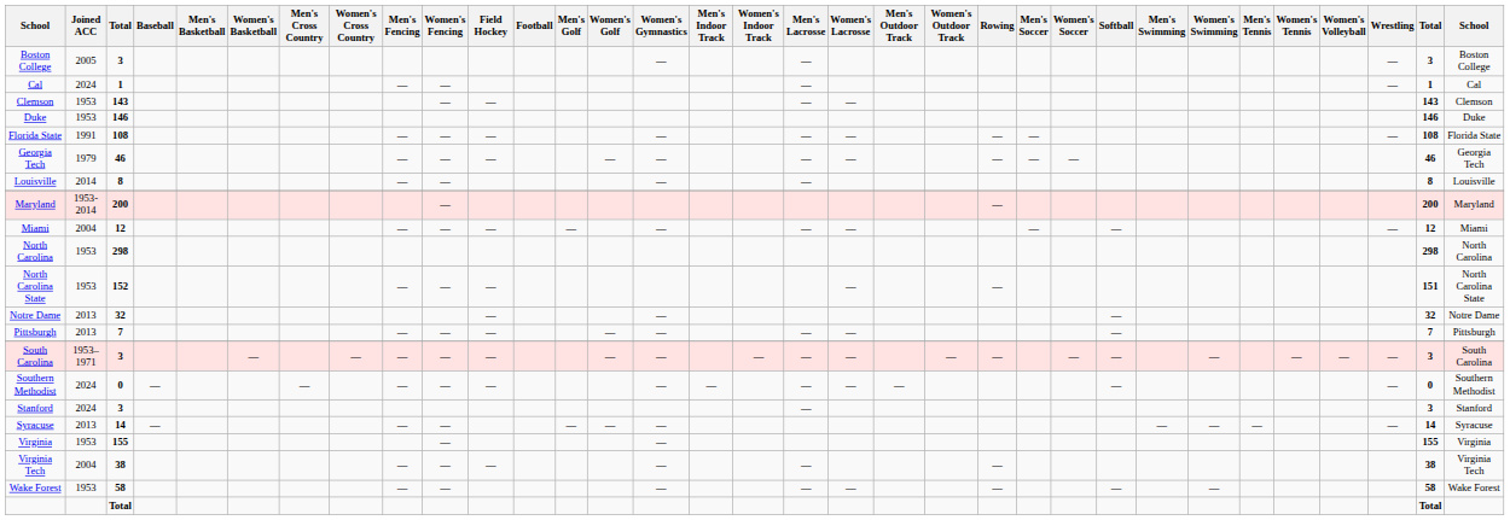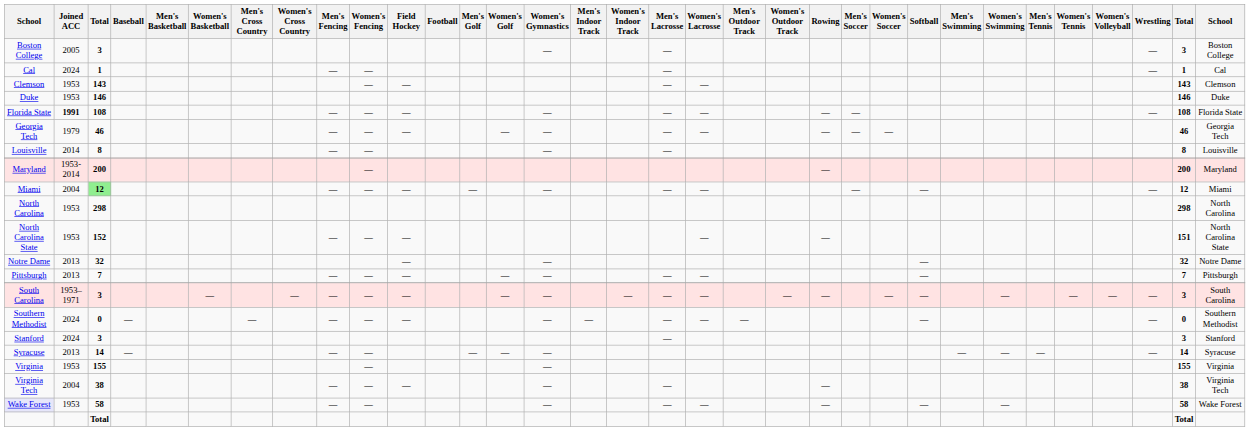 <table class="wikitable sortable sort-under-center" style="text-align: center; font-size:85%;">
 <tr>
 <th>School</th>
 <th>Joined ACC</th>
 <th>Total</th>
 <th>Baseball</th>
 <th>Men's<br>Basketball</th>
 <th>Women's<br>Basketball</th>
 <th>Men's<br>Cross Country</th>
 <th>Women's<br>Cross Country</th>
 <th>Men's<br>Fencing</th>
 <th>Women's<br>Fencing</th>
 <th>Field Hockey</th>
 <th>Football</th>
 <th>Men's<br>Golf</th>
 <th>Women's<br>Golf</th>
 <th>Women's<br>Gymnastics</th>
 <th>Men's<br>Indoor Track</th>
 <th>Women's<br>Indoor Track</th>
 <th>Men's<br>Lacrosse</th>
 <th>Women's<br>Lacrosse</th>
 <th>Men's<br>Outdoor Track</th>
 <th>Women's<br>Outdoor Track</th>
 <th>Rowing</th>
 <th>Men's<br>Soccer</th>
 <th>Women's<br>Soccer</th>
 <th>Softball</th>
 <th>Men's<br>Swimming</th>
 <th>Women's<br>Swimming</th>
 <th>Men's<br>Tennis</th>
 <th>Women's<br>Tennis</th>
 <th>Women's<br>Volleyball</th>
 <th>Wrestling</th>
 <th>Total</th>
 <th>School</th>
 </tr>
 <tr>
 <td><a href='#'>Boston College</a></td>
 <td>2005</td>
 <td> <strong>3</strong></td>
 <td> </td>
 <td> </td>
 <td> </td>
 <td> </td>
 <td> </td>
 <td> </td>
 <td> </td>
 <td> </td>
 <td> </td>
 <td> </td>
 <td> </td>
 <td> —</td>
 <td> </td>
 <td> </td>
 <td> —</td>
 <td> </td>
 <td> </td>
 <td> </td>
 <td> </td>
 <td> </td>
 <td> </td>
 <td> </td>
 <td> </td>
 <td> </td>
 <td> </td>
 <td> </td>
 <td> </td>
 <td> —</td>
 <td> <strong>3</strong></td>
 <td>Boston College</td>
 </tr>
 <tr>
 <td><a href='#'>Cal</a></td>
 <td>2024</td>
 <td> <strong>1</strong></td>
 <td> </td>
 <td> </td>
 <td> </td>
 <td> </td>
 <td> </td>
 <td> —</td>
 <td> —</td>
 <td> </td>
 <td> </td>
 <td> </td>
 <td> </td>
 <td> </td>
 <td> </td>
 <td> </td>
 <td> —</td>
 <td> </td>
 <td> </td>
 <td> </td>
 <td> </td>
 <td> </td>
 <td> </td>
 <td> </td>
 <td> </td>
 <td> </td>
 <td> </td>
 <td> </td>
 <td> </td>
 <td> —</td>
 <td> <strong>1</strong></td>
 <td>Cal</td>
 </tr>
 <tr>
 <td><a href='#'>Clemson</a></td>
 <td>1953</td>
 <td> <strong>143</strong></td>
 <td> </td>
 <td> </td>
 <td> </td>
 <td> </td>
 <td> </td>
 <td> </td>
 <td> —</td>
 <td> —</td>
 <td> </td>
 <td> </td>
 <td> </td>
 <td> </td>
 <td> </td>
 <td> </td>
 <td> —</td>
 <td> —</td>
 <td> </td>
 <td> </td>
 <td> </td>
 <td> </td>
 <td> </td>
 <td> </td>
 <td> </td>
 <td> </td>
 <td> </td>
 <td> </td>
 <td> </td>
 <td> </td>
 <td> <strong>143</strong></td>
 <td>Clemson</td>
 </tr>
 <tr>
 <td><a href='#'>Duke</a></td>
 <td>1953</td>
 <td> <strong>146</strong></td>
 <td> </td>
 <td> </td>
 <td> </td>
 <td> </td>
 <td> </td>
 <td> </td>
 <td> </td>
 <td> </td>
 <td> </td>
 <td> </td>
 <td> </td>
 <td> </td>
 <td> </td>
 <td> </td>
 <td> </td>
 <td> </td>
 <td> </td>
 <td> </td>
 <td> </td>
 <td> </td>
 <td> </td>
 <td> </td>
 <td> </td>
 <td> </td>
 <td> </td>
 <td> </td>
 <td> </td>
 <td> </td>
 <td> <strong>146</strong></td>
 <td>Duke</td>
 </tr>
 <tr>
 <td><a href='#'>Florida State</a></td>
-<td>1991</td>
+<td><strong>1991</strong></td>
 <td> <strong>108</strong></td>
 <td> </td>
 <td> </td>
 <td> </td>
 <td> </td>
 <td> </td>
 <td> —</td>
 <td> —</td>
 <td> —</td>
 <td> </td>
 <td> </td>
 <td> </td>
 <td> —</td>
 <td> </td>
 <td> </td>
 <td> —</td>
 <td> —</td>
 <td> </td>
 <td> </td>
 <td> —</td>
 <td> —</td>
 <td> </td>
 <td> </td>
 <td> </td>
 <td> </td>
 <td> </td>
 <td> </td>
 <td> </td>
 <td> —</td>
 <td> <strong>108</strong></td>
 <td>Florida State</td>
 </tr>
 <tr>
 <td><a href='#'>Georgia Tech</a></td>
 <td>1979</td>
 <td> <strong>46</strong></td>
 <td> </td>
 <td> </td>
 <td> </td>
 <td> </td>
 <td> </td>
 <td> —</td>
 <td> —</td>
 <td> —</td>
 <td> </td>
 <td> </td>
 <td> —</td>
 <td> —</td>
 <td> </td>
 <td> </td>
 <td> —</td>
 <td> —</td>
 <td> </td>
 <td> </td>
 <td> —</td>
 <td> —</td>
 <td> —</td>
 <td> </td>
 <td> </td>
 <td> </td>
 <td> </td>
 <td> </td>
 <td> </td>
 <td> </td>
 <td> <strong>46</strong></td>
 <td>Georgia Tech</td>
 </tr>
 <tr>
 <td><a href='#'>Louisville</a></td>
 <td>2014</td>
 <td> <strong>8</strong></td>
 <td> </td>
 <td> </td>
 <td> </td>
 <td> </td>
 <td> </td>
 <td> —</td>
 <td> —</td>
 <td> </td>
 <td> </td>
 <td> </td>
 <td> </td>
 <td> —</td>
 <td> </td>
 <td> </td>
 <td> —</td>
 <td> </td>
 <td> </td>
 <td> </td>
 <td> </td>
 <td> </td>
 <td> </td>
 <td> </td>
 <td> </td>
 <td> </td>
 <td> </td>
 <td> </td>
 <td> </td>
 <td> </td>
 <td> <strong>8</strong></td>
 <td>Louisville</td>
 </tr>
 <tr>
 </tr>
 <tr style="background:#ffe3e3;">
 <td><a href='#'>Maryland</a></td>
 <td>1953-2014</td>
 <td> <strong>200</strong></td>
 <td> </td>
 <td> </td>
 <td> </td>
 <td> </td>
 <td> </td>
 <td> </td>
 <td> —</td>
 <td> </td>
 <td> </td>
 <td> </td>
 <td> </td>
 <td> </td>
 <td> </td>
 <td> </td>
 <td> </td>
 <td> </td>
 <td> </td>
 <td> </td>
 <td> —</td>
 <td> </td>
 <td> </td>
 <td> </td>
 <td> </td>
 <td> </td>
 <td> </td>
 <td> </td>
 <td> </td>
 <td> </td>
 <td> <strong>200</strong></td>
 <td>Maryland</td>
 </tr>
 <tr>
 <td><a href='#'>Miami</a></td>
 <td>2004</td>
-<td> <strong>12</strong></td>
+<td style="background: lightgreen;"> <strong>12</strong></td>
 <td> </td>
 <td> </td>
 <td> </td>
 <td> </td>
 <td> </td>
 <td> —</td>
 <td> —</td>
 <td> —</td>
 <td> </td>
 <td> —</td>
 <td> </td>
 <td> —</td>
 <td> </td>
 <td> </td>
 <td> —</td>
 <td> —</td>
 <td> </td>
 <td> </td>
 <td> </td>
 <td> —</td>
 <td> </td>
 <td> —</td>
 <td> </td>
 <td> </td>
 <td> </td>
 <td> </td>
 <td> </td>
 <td> —</td>
 <td> <strong>12</strong></td>
 <td>Miami</td>
 </tr>
 <tr>
 <td><a href='#'>North Carolina</a></td>
 <td>1953</td>
 <td> <strong>298</strong></td>
 <td> </td>
 <td> </td>
 <td> </td>
 <td> </td>
 <td> </td>
 <td> </td>
 <td> </td>
 <td> </td>
 <td> </td>
 <td> </td>
 <td> </td>
 <td> </td>
 <td> </td>
 <td> </td>
 <td> </td>
 <td> </td>
 <td> </td>
 <td> </td>
 <td> </td>
 <td> </td>
 <td> </td>
 <td> </td>
 <td> </td>
 <td> </td>
 <td> </td>
 <td> </td>
 <td> </td>
 <td> </td>
 <td> <strong>298</strong></td>
 <td>North Carolina</td>
 </tr>
 <tr>
 <td><a href='#'>North Carolina State</a></td>
 <td>1953</td>
 <td> <strong>152</strong></td>
 <td> </td>
 <td> </td>
 <td> </td>
 <td> </td>
 <td> </td>
 <td> —</td>
 <td> —</td>
 <td> —</td>
 <td> </td>
 <td> </td>
 <td> </td>
 <td> </td>
 <td> </td>
 <td> </td>
 <td> </td>
 <td> —</td>
 <td> </td>
 <td> </td>
 <td> —</td>
 <td> </td>
 <td> </td>
 <td> </td>
 <td> </td>
 <td> </td>
 <td> </td>
 <td> </td>
 <td> </td>
 <td> </td>
 <td> <strong>151</strong></td>
 <td>North Carolina State</td>
 </tr>
 <tr>
 <td><a href='#'>Notre Dame</a></td>
 <td>2013</td>
 <td> <strong>32</strong></td>
 <td> </td>
 <td> </td>
 <td> </td>
 <td> </td>
 <td> </td>
 <td> </td>
 <td> </td>
 <td> —</td>
 <td> </td>
 <td> </td>
 <td> </td>
 <td> —</td>
 <td> </td>
 <td> </td>
 <td> </td>
 <td> </td>
 <td> </td>
 <td> </td>
 <td> </td>
 <td> </td>
 <td> </td>
 <td> —</td>
 <td> </td>
 <td> </td>
 <td> </td>
 <td> </td>
 <td> </td>
 <td> </td>
 <td> <strong>32</strong></td>
 <td>Notre Dame</td>
 </tr>
 <tr>
 <td><a href='#'>Pittsburgh</a></td>
 <td>2013</td>
 <td> <strong>7</strong></td>
 <td> </td>
 <td> </td>
 <td> </td>
 <td> </td>
 <td> </td>
 <td> —</td>
 <td> —</td>
 <td> —</td>
 <td> </td>
 <td> </td>
 <td> —</td>
 <td> —</td>
 <td> </td>
 <td> </td>
 <td> —</td>
 <td> —</td>
 <td> </td>
 <td> </td>
 <td> </td>
 <td> </td>
 <td> </td>
 <td> —</td>
 <td> </td>
 <td> </td>
 <td> </td>
 <td> </td>
 <td> </td>
 <td> </td>
 <td> <strong>7</strong></td>
 <td>Pittsburgh</td>
 </tr>
 <tr>
 </tr>
 <tr style="background:#ffe3e3;">
 <td><a href='#'>South Carolina</a></td>
 <td>1953–1971</td>
 <td> <strong>3</strong></td>
 <td> </td>
 <td> </td>
 <td> —</td>
 <td> </td>
 <td> —</td>
 <td> —</td>
 <td> —</td>
 <td> —</td>
 <td> </td>
 <td> </td>
 <td> —</td>
 <td> —</td>
 <td> </td>
 <td> —</td>
 <td> —</td>
 <td> —</td>
 <td> </td>
 <td> —</td>
 <td> —</td>
 <td> </td>
 <td> —</td>
 <td> —</td>
 <td> </td>
 <td> —</td>
 <td> </td>
 <td> —</td>
 <td> —</td>
 <td> —</td>
 <td> <strong>3</strong></td>
 <td>South Carolina</td>
 </tr>
 <tr>
 <td><a href='#'>Southern Methodist</a></td>
 <td>2024</td>
 <td> <strong>0</strong></td>
 <td> —</td>
 <td> </td>
 <td> </td>
 <td> —</td>
 <td> </td>
 <td> —</td>
 <td> —</td>
 <td> —</td>
 <td> </td>
 <td> </td>
 <td> </td>
 <td> —</td>
 <td> —</td>
 <td> </td>
 <td> —</td>
 <td> —</td>
 <td> —</td>
 <td> </td>
 <td> </td>
 <td> </td>
 <td> </td>
 <td> —</td>
 <td> </td>
 <td> </td>
 <td> </td>
 <td> </td>
 <td> </td>
 <td> —</td>
 <td> <strong>0</strong></td>
 <td>Southern Methodist</td>
 </tr>
 <tr>
 <td><a href='#'>Stanford</a></td>
 <td>2024</td>
 <td> <strong>3</strong></td>
 <td> </td>
 <td> </td>
 <td> </td>
 <td> </td>
 <td> </td>
 <td> </td>
 <td> </td>
 <td> </td>
 <td> </td>
 <td> </td>
 <td> </td>
 <td> </td>
 <td> </td>
 <td> </td>
 <td> —</td>
 <td> </td>
 <td> </td>
 <td> </td>
 <td> </td>
 <td> </td>
 <td> </td>
 <td> </td>
 <td> </td>
 <td> </td>
 <td> </td>
 <td> </td>
 <td> </td>
 <td> </td>
 <td> <strong>3</strong></td>
 <td>Stanford</td>
 </tr>
 <tr>
 <td><a href='#'>Syracuse</a></td>
 <td>2013</td>
 <td> <strong>14</strong></td>
 <td> —</td>
 <td> </td>
 <td> </td>
 <td> </td>
 <td> </td>
 <td> —</td>
 <td> —</td>
 <td> </td>
 <td> </td>
 <td> —</td>
 <td> —</td>
 <td> —</td>
 <td> </td>
 <td> </td>
 <td> </td>
 <td> </td>
 <td> </td>
 <td> </td>
 <td> </td>
 <td> </td>
 <td> </td>
 <td> </td>
 <td> —</td>
 <td> —</td>
 <td> —</td>
 <td> </td>
 <td> </td>
 <td> —</td>
 <td> <strong>14</strong></td>
 <td>Syracuse</td>
 </tr>
 <tr>
 <td><a href='#'>Virginia</a></td>
 <td>1953</td>
 <td> <strong>155</strong></td>
 <td> </td>
 <td> </td>
 <td> </td>
 <td> </td>
 <td> </td>
 <td> </td>
 <td> —</td>
 <td> </td>
 <td> </td>
 <td> </td>
 <td> </td>
 <td> —</td>
 <td> </td>
 <td> </td>
 <td> </td>
 <td> </td>
 <td> </td>
 <td> </td>
 <td> </td>
 <td> </td>
 <td> </td>
 <td> </td>
 <td> </td>
 <td> </td>
 <td> </td>
 <td> </td>
 <td> </td>
 <td> </td>
 <td> <strong>155</strong></td>
 <td>Virginia</td>
 </tr>
 <tr>
 <td><a href='#'>Virginia Tech</a></td>
 <td>2004</td>
 <td> <strong>38</strong></td>
 <td> </td>
 <td> </td>
 <td> </td>
 <td> </td>
 <td> </td>
 <td> —</td>
 <td> —</td>
 <td> —</td>
 <td> </td>
 <td> </td>
 <td> </td>
 <td> —</td>
 <td> </td>
 <td> </td>
 <td> —</td>
 <td> </td>
 <td> </td>
 <td> </td>
 <td> —</td>
 <td> </td>
 <td> </td>
 <td> </td>
 <td> </td>
 <td> </td>
 <td> </td>
 <td> </td>
 <td> </td>
 <td> </td>
 <td> <strong>38</strong></td>
 <td>Virginia Tech</td>
 </tr>
 <tr>
-<td><a href='#'>Wake Forest</a></td>
+<td style="background: lavender;"><a href='#'>Wake Forest</a></td>
 <td>1953</td>
 <td> <strong>58</strong></td>
 <td> </td>
 <td> </td>
 <td> </td>
 <td> </td>
 <td> </td>
 <td> —</td>
 <td> —</td>
 <td> </td>
 <td> </td>
 <td> </td>
 <td> </td>
 <td> —</td>
 <td> </td>
 <td> </td>
 <td> —</td>
 <td> —</td>
 <td> </td>
 <td> </td>
 <td> —</td>
 <td> </td>
 <td> </td>
 <td> —</td>
 <td> </td>
 <td> —</td>
 <td> </td>
 <td> </td>
 <td> </td>
 <td> </td>
 <td> <strong>58</strong></td>
 <td>Wake Forest</td>
 </tr>
 <tr>
 <td></td>
 <td></td>
 <td><strong>Total</strong></td>
 <td> </td>
 <td> </td>
 <td> </td>
 <td> </td>
 <td> </td>
 <td> </td>
 <td> </td>
 <td> </td>
 <td> </td>
 <td> </td>
 <td> </td>
 <td> </td>
 <td> </td>
 <td> </td>
 <td> </td>
 <td> </td>
 <td> </td>
 <td> </td>
 <td> </td>
 <td> </td>
 <td> </td>
 <td> </td>
 <td> </td>
 <td> </td>
 <td> </td>
 <td> </td>
 <td> </td>
 <td> </td>
 <td><strong>Total</strong></td>
 <td></td>
 </tr>
 </table>
